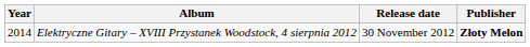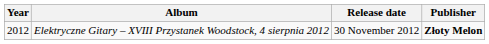 <table class="wikitable">
 <tr>
 <th>Year</th>
 <th>Album</th>
 <th>Release date</th>
 <th>Publisher</th>
 </tr>
 <tr>
-<td>2014</td>
+<td>2012</td>
 <td><em>Elektryczne Gitary – XVIII Przystanek Woodstock, 4 sierpnia 2012</em></td>
 <td>30 November 2012</td>
 <td><strong>Złoty Melon</strong></td>
 </tr>
 </table>
